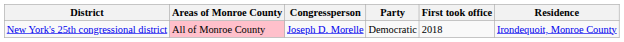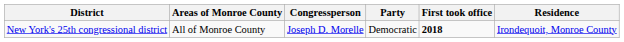 <table class="wikitable sortable">
 <tr>
 <th>District</th>
 <th>Areas of Monroe County</th>
 <th>Congressperson</th>
 <th>Party</th>
 <th>First took office</th>
 <th>Residence</th>
 </tr>
 <tr>
 <td><a href='#'>New York's 25th congressional district</a></td>
-<td style="background: pink;">All of Monroe County</td>
+<td>All of Monroe County</td>
 <td><a href='#'>Joseph D. Morelle</a></td>
 <td>Democratic</td>
-<td>2018</td>
+<td><strong>2018</strong></td>
 <td><a href='#'>Irondequoit, Monroe County</a></td>
 </tr>
 </table>
